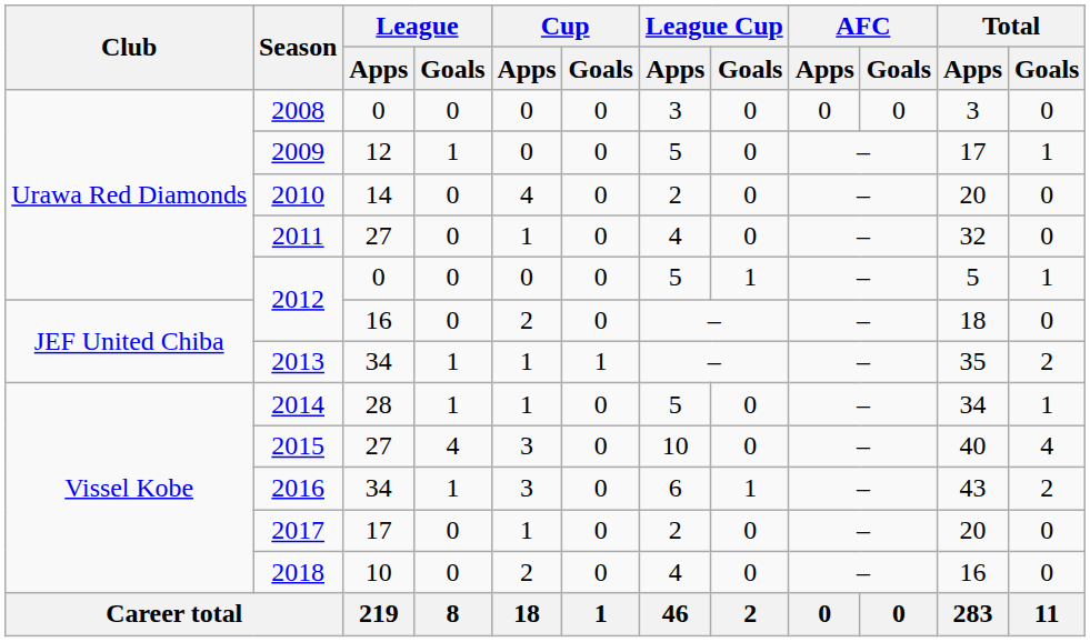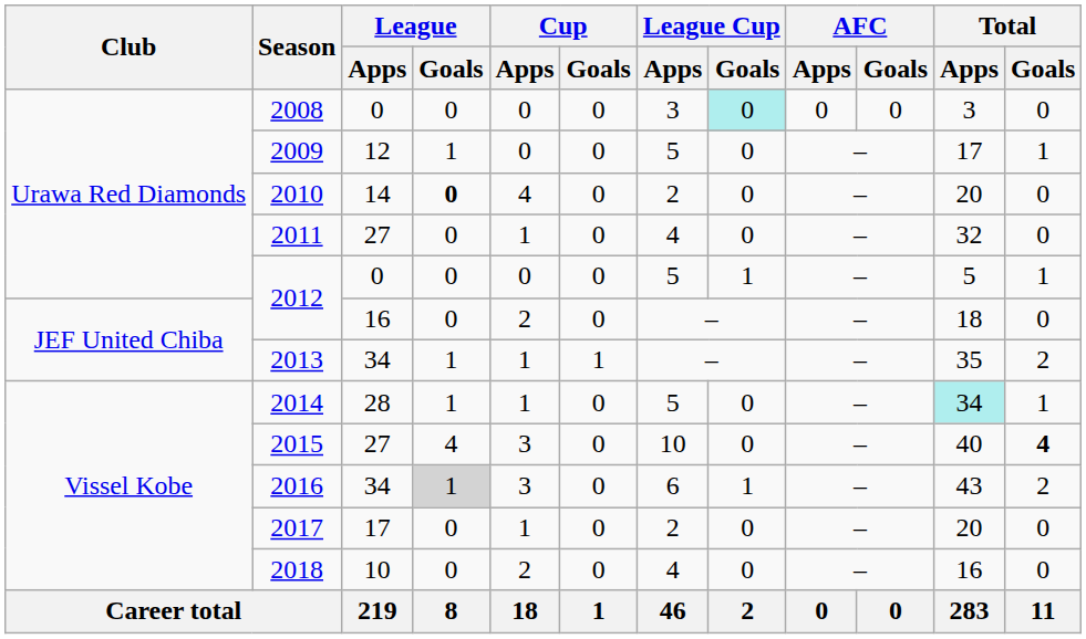 <table class="wikitable" style="text-align:center;">
 <tr>
 <th rowspan="2">Club</th>
 <th rowspan="2">Season</th>
 <th colspan="2"><a href='#'>League</a></th>
 <th colspan="2"><a href='#'>Cup</a></th>
 <th colspan="2"><a href='#'>League Cup</a></th>
 <th colspan="2"><a href='#'>AFC</a></th>
 <th colspan="2">Total</th>
 </tr>
 <tr>
 <th>Apps</th>
 <th>Goals</th>
 <th>Apps</th>
 <th>Goals</th>
 <th>Apps</th>
 <th>Goals</th>
 <th>Apps</th>
 <th>Goals</th>
 <th>Apps</th>
 <th>Goals</th>
 </tr>
 <tr>
 <td rowspan="5"><a href='#'>Urawa Red Diamonds</a></td>
 <td><a href='#'>2008</a></td>
 <td>0</td>
 <td>0</td>
 <td>0</td>
 <td>0</td>
 <td>3</td>
-<td>0</td>
+<td style="background: paleturquoise;">0</td>
 <td>0</td>
 <td>0</td>
 <td>3</td>
 <td>0</td>
 </tr>
 <tr>
 <td><a href='#'>2009</a></td>
 <td>12</td>
 <td>1</td>
 <td>0</td>
 <td>0</td>
 <td>5</td>
 <td>0</td>
 <td colspan="2">–</td>
 <td>17</td>
 <td>1</td>
 </tr>
 <tr>
 <td><a href='#'>2010</a></td>
 <td>14</td>
-<td>0</td>
+<td><strong>0</strong></td>
 <td>4</td>
 <td>0</td>
 <td>2</td>
 <td>0</td>
 <td colspan="2">–</td>
 <td>20</td>
 <td>0</td>
 </tr>
 <tr>
 <td><a href='#'>2011</a></td>
 <td>27</td>
 <td>0</td>
 <td>1</td>
 <td>0</td>
 <td>4</td>
 <td>0</td>
 <td colspan="2">–</td>
 <td>32</td>
 <td>0</td>
 </tr>
 <tr>
 <td rowspan="2"><a href='#'>2012</a></td>
 <td>0</td>
 <td>0</td>
 <td>0</td>
 <td>0</td>
 <td>5</td>
 <td>1</td>
 <td colspan="2">–</td>
 <td>5</td>
 <td>1</td>
 </tr>
 <tr>
 <td rowspan="2"><a href='#'>JEF United Chiba</a></td>
 <td>16</td>
 <td>0</td>
 <td>2</td>
 <td>0</td>
 <td colspan="2">–</td>
 <td colspan="2">–</td>
 <td>18</td>
 <td>0</td>
 </tr>
 <tr>
 <td><a href='#'>2013</a></td>
 <td>34</td>
 <td>1</td>
 <td>1</td>
 <td>1</td>
 <td colspan="2">–</td>
 <td colspan="2">–</td>
 <td>35</td>
 <td>2</td>
 </tr>
 <tr>
 <td rowspan="5"><a href='#'>Vissel Kobe</a></td>
 <td><a href='#'>2014</a></td>
 <td>28</td>
 <td>1</td>
 <td>1</td>
 <td>0</td>
 <td>5</td>
 <td>0</td>
 <td colspan="2">–</td>
-<td>34</td>
+<td style="background: paleturquoise;">34</td>
 <td>1</td>
 </tr>
 <tr>
 <td><a href='#'>2015</a></td>
 <td>27</td>
 <td>4</td>
 <td>3</td>
 <td>0</td>
 <td>10</td>
 <td>0</td>
 <td colspan="2">–</td>
 <td>40</td>
-<td>4</td>
+<td><strong>4</strong></td>
 </tr>
 <tr>
 <td><a href='#'>2016</a></td>
 <td>34</td>
-<td>1</td>
+<td style="background: lightgrey;">1</td>
 <td>3</td>
 <td>0</td>
 <td>6</td>
 <td>1</td>
 <td colspan="2">–</td>
 <td>43</td>
 <td>2</td>
 </tr>
 <tr>
 <td><a href='#'>2017</a></td>
 <td>17</td>
 <td>0</td>
 <td>1</td>
 <td>0</td>
 <td>2</td>
 <td>0</td>
 <td colspan="2">–</td>
 <td>20</td>
 <td>0</td>
 </tr>
 <tr>
 <td><a href='#'>2018</a></td>
 <td>10</td>
 <td>0</td>
 <td>2</td>
 <td>0</td>
 <td>4</td>
 <td>0</td>
 <td colspan="2">–</td>
 <td>16</td>
 <td>0</td>
 </tr>
 <tr>
 <th colspan="2">Career total</th>
 <th>219</th>
 <th>8</th>
 <th>18</th>
 <th>1</th>
 <th>46</th>
 <th>2</th>
 <th>0</th>
 <th>0</th>
 <th>283</th>
 <th>11</th>
 </tr>
 </table>
